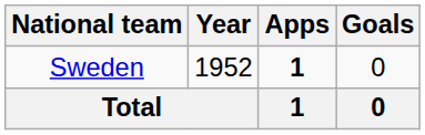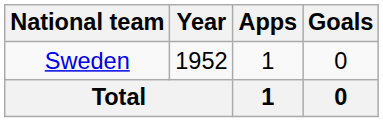 <table class=wikitable style=text-align:center>
 <tr>
 <th>National team</th>
 <th>Year</th>
 <th>Apps</th>
 <th>Goals</th>
 </tr>
 <tr>
 <td rowspan="1"><a href='#'>Sweden</a></td>
 <td>1952</td>
-<td><strong>1</strong></td>
+<td>1</td>
 <td>0</td>
 </tr>
 <tr>
 <th colspan="2">Total</th>
 <th>1</th>
 <th>0</th>
 </tr>
 </table>
